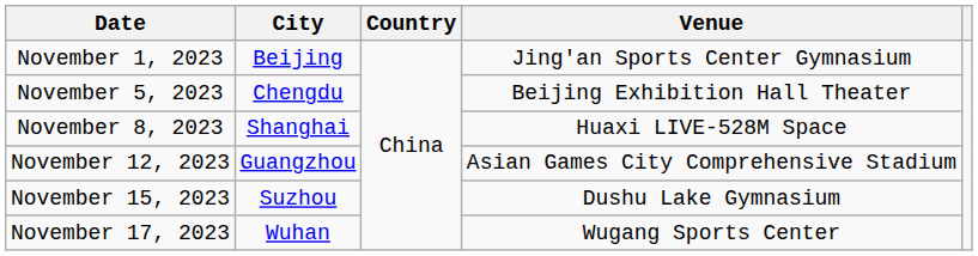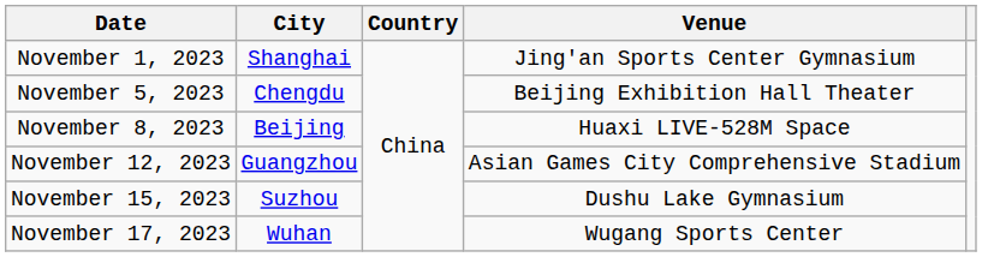 <table class="wikitable plainrowheaders" style="text-align:center;">
 <tr>
 <th scope="col">Date</th>
 <th scope="col">City</th>
 <th scope="col">Country</th>
 <th scope="col">Venue</th>
 <th scope="col"></th>
 </tr>
 <tr>
 <td scope="row">November 1, 2023</td>
-<td><a href='#'>Beijing</a></td>
+<td><a href='#'>Shanghai</a></td>
 <td rowspan="6">China</td>
 <td>Jing'an Sports Center Gymnasium</td>
 <td rowspan=6></td>
 </tr>
 <tr>
 <td scope="row">November 5, 2023</td>
 <td><a href='#'>Chengdu</a></td>
 <td>Beijing Exhibition Hall Theater</td>
 </tr>
 <tr>
 <td scope="row">November 8, 2023</td>
-<td><a href='#'>Shanghai</a></td>
+<td><a href='#'>Beijing</a></td>
 <td>Huaxi LIVE-528M Space</td>
 </tr>
 <tr>
 <td scope="row">November 12, 2023</td>
 <td><a href='#'>Guangzhou</a></td>
 <td>Asian Games City Comprehensive Stadium</td>
 </tr>
 <tr>
 <td scope="row">November 15, 2023</td>
 <td><a href='#'>Suzhou</a></td>
 <td>Dushu Lake Gymnasium</td>
 </tr>
 <tr>
 <td scope="row">November 17, 2023</td>
 <td><a href='#'>Wuhan</a></td>
 <td>Wugang Sports Center</td>
 </tr>
 </table>
